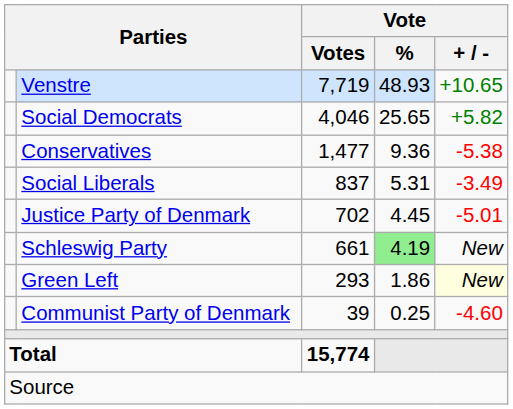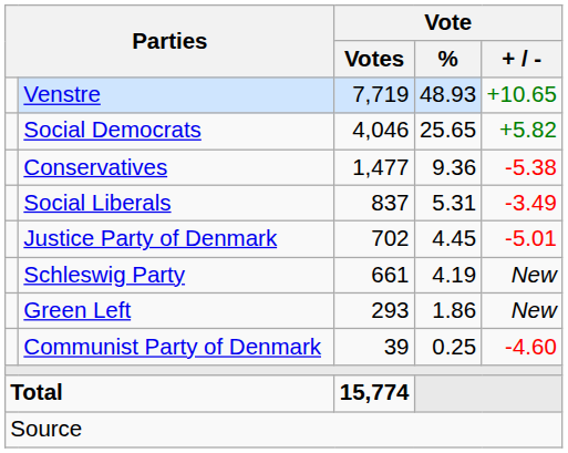 <table class="wikitable" style="text-align:right;">
 <tr>
 <th style="text-align:centre;" rowspan="2" colspan="2" width="225">Parties</th>
 <th colspan="3">Vote</th>
 </tr>
 <tr>
 <th width="15">Votes</th>
 <th width="15">%</th>
 <th width="15">+ / -</th>
 </tr>
 <tr>
 <td width="2" style="color:inherit;background:"></td>
 <td bgcolor=#cfe5fe  align="left"><a href='#'>Venstre</a></td>
 <td bgcolor=#cfe5fe>7,719</td>
 <td bgcolor=#cfe5fe>48.93</td>
 <td style=color:green;>+10.65</td>
 </tr>
 <tr>
 <td width="2" style="color:inherit;background:"></td>
 <td align="left"><a href='#'>Social Democrats</a></td>
 <td>4,046</td>
 <td>25.65</td>
 <td style=color:green;>+5.82</td>
 </tr>
 <tr>
 <td width="2" style="color:inherit;background:"></td>
 <td align="left"><a href='#'>Conservatives</a></td>
 <td>1,477</td>
 <td>9.36</td>
 <td style=color:red;>-5.38</td>
 </tr>
 <tr>
 <td width="2" style="color:inherit;background:"></td>
 <td align="left"><a href='#'>Social Liberals</a></td>
 <td>837</td>
 <td>5.31</td>
 <td style=color:red;>-3.49</td>
 </tr>
 <tr>
 <td width="2" style="color:inherit;background:"></td>
 <td align="left"><a href='#'>Justice Party of Denmark</a></td>
 <td>702</td>
 <td>4.45</td>
 <td style=color:red;>-5.01</td>
 </tr>
 <tr>
 <td width="2" style="color:inherit;background:"></td>
 <td align="left"><a href='#'>Schleswig Party</a></td>
 <td>661</td>
-<td style="background: lightgreen;">4.19</td>
+<td>4.19</td>
 <td><em>New</em></td>
 </tr>
 <tr>
 <td width="2" style="color:inherit;background:"></td>
 <td align="left"><a href='#'>Green Left</a></td>
 <td>293</td>
 <td>1.86</td>
-<td style="background: lightyellow;"><em>New</em></td>
+<td><em>New</em></td>
 </tr>
 <tr>
 <td width="2" style="color:inherit;background:"></td>
 <td align="left"><a href='#'>Communist Party of Denmark</a></td>
 <td>39</td>
 <td>0.25</td>
 <td style=color:red;>-4.60</td>
 </tr>
 <tr>
 <td colspan="7" bgcolor="#E9E9E9"></td>
 </tr>
 <tr>
 <td align="left" colspan="2"><strong>Total</strong></td>
 <td><strong>15,774</strong></td>
 <td bgcolor="#E9E9E9" colspan="2"></td>
 </tr>
 <tr>
 <td align="left" colspan="6">Source</td>
 </tr>
 </table>
